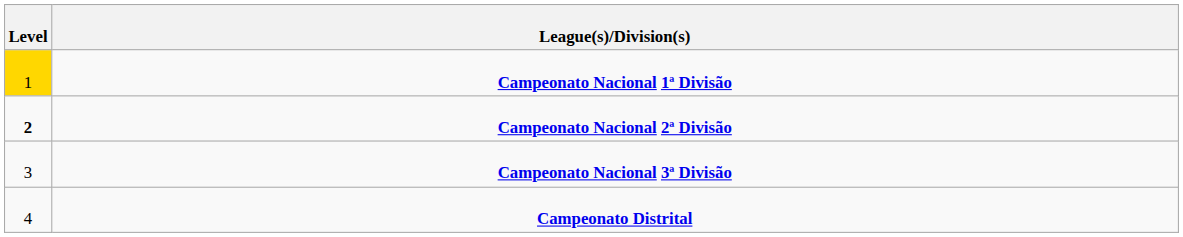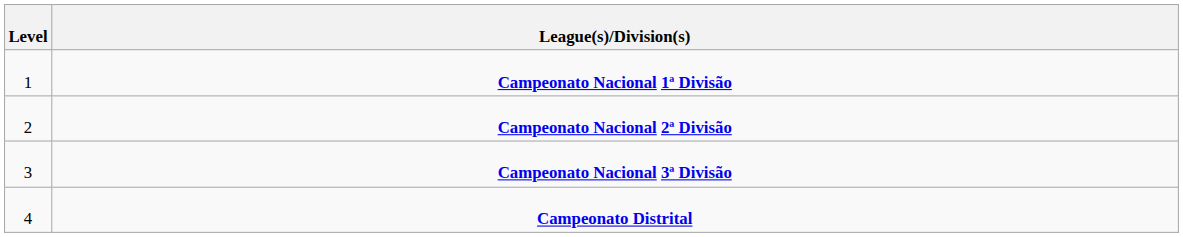 <table class="wikitable" style="text-align: center;">
 <tr>
 <th style="width:4%;"><br>Level</th>
 <th colspan="12" style="width:96%;"><br>League(s)/Division(s)</th>
 </tr>
 <tr>
-<td style="background: gold; width:4%;"><br>1</td>
+<td style="width:4%;"><br>1</td>
 <td colspan="12" style="width:96%;"><br><strong><a href='#'>Campeonato Nacional</a> <a href='#'>1ª Divisão</a></strong></td>
 </tr>
 <tr>
-<td style="width:4%;"><strong><br>2</strong></td>
+<td style="width:4%;"><br>2</td>
 <td colspan="12" style="width:96%;"><br><strong><a href='#'>Campeonato Nacional</a> <a href='#'>2ª Divisão</a></strong></td>
 </tr>
 <tr>
 <td style="width:4%;"><br>3</td>
 <td colspan="12" style="width:96%;"><br><strong><a href='#'>Campeonato Nacional</a> <a href='#'>3ª Divisão</a></strong></td>
 </tr>
 <tr>
 <td style="width:4%;"><br>4</td>
 <td colspan="12" style="width:96%;"><br><strong><a href='#'>Campeonato Distrital</a></strong></td>
 </tr>
 </table>
